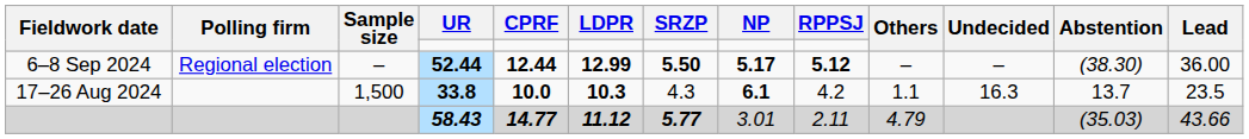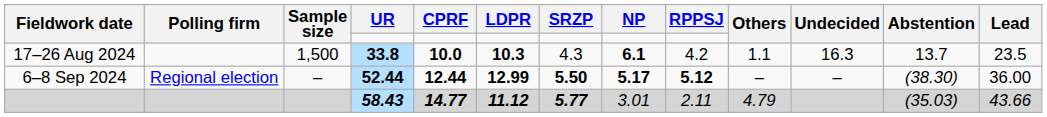 <table class=wikitable style="font-size:95%; line-height:14px; text-align:center">
 <tr>
 <th style=width:120px; rowspan=2>Fieldwork date</th>
 <th style=width:120px; rowspan=2>Polling firm</th>
 <th style=width:50px; rowspan=2>Sample<br>size</th>
 <th style="width:50px;"><a href='#'>UR</a></th>
 <th style="width:50px;"><a href='#'>CPRF</a></th>
 <th style="width:50px;"><a href='#'>LDPR</a></th>
 <th style="width:50px;"><a href='#'>SRZP</a></th>
 <th style="width:50px;"><a href='#'>NP</a></th>
 <th style="width:50px;"><a href='#'>RPPSJ</a></th>
 <th style="width:50px;" rowspan=2>Others</th>
 <th style="width:50px;" rowspan=2>Undecided</th>
 <th style="width:50px;" rowspan=2>Abstention</th>
 <th style="width:50px;" rowspan="2">Lead</th>
 </tr>
 <tr>
 <td bgcolor=></td>
 <td bgcolor=></td>
 <td bgcolor=></td>
 <td bgcolor=></td>
 <td bgcolor=></td>
 <td bgcolor=></td>
 </tr>
 <tr>
+<td>17–26 Aug 2024</td>
+<td></td>
+<td>1,500</td>
+<td style="background:#B3E0FF"><strong>33.8</strong></td>
+<td><strong>10.0</strong></td>
+<td><strong>10.3</strong></td>
+<td>4.3</td>
+<td><strong>6.1</strong></td>
+<td>4.2</td>
+<td>1.1</td>
+<td>16.3</td>
+<td>13.7</td>
+<td style="background:">23.5</td>
+</tr>
+<tr>
 <td>6–8 Sep 2024</td>
 <td><a href='#'>Regional election</a></td>
 <td>–</td>
 <td style="background:#B3E0FF"><strong>52.44</strong></td>
 <td><strong>12.44</strong></td>
 <td><strong>12.99</strong></td>
 <td><strong>5.50</strong></td>
 <td><strong>5.17</strong></td>
 <td><strong>5.12</strong></td>
 <td>–</td>
 <td>–</td>
 <td><em>(38.30)</em></td>
 <td style="background:">36.00</td>
-</tr>
-<tr>
-<td>17–26 Aug 2024</td>
-<td></td>
-<td>1,500</td>
-<td style="background:#B3E0FF"><strong>33.8</strong></td>
-<td><strong>10.0</strong></td>
-<td><strong>10.3</strong></td>
-<td>4.3</td>
-<td><strong>6.1</strong></td>
-<td>4.2</td>
-<td>1.1</td>
-<td>16.3</td>
-<td>13.7</td>
-<td style="background:">23.5</td>
 </tr>
 <tr style="background:#D5D5D5">
 <td></td>
 <td></td>
 <td></td>
 <td style="background:#B3E0FF"><strong><em>58.43</em></strong></td>
 <td><strong><em>14.77</em></strong></td>
 <td><strong><em>11.12</em></strong></td>
 <td><strong><em>5.77</em></strong></td>
 <td><em>3.01</em></td>
 <td><em>2.11</em></td>
 <td><em>4.79</em></td>
 <td></td>
 <td><em>(35.03)</em></td>
 <td style="background:"><em>43.66</em></td>
 </tr>
 </table>
